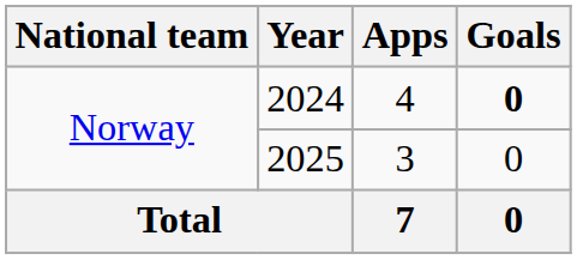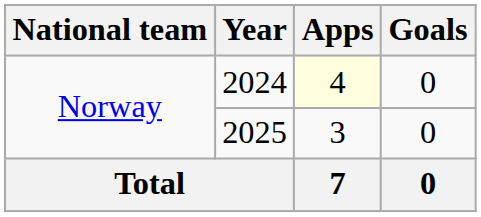 <table class="wikitable" style="text-align:center">
 <tr>
 <th>National team</th>
 <th>Year</th>
 <th>Apps</th>
 <th>Goals</th>
 </tr>
 <tr>
 <td rowspan="2"><a href='#'>Norway</a></td>
 <td>2024</td>
-<td>4</td>
-<td><strong>0</strong></td>
+<td style="background: lightyellow;">4</td>
+<td>0</td>
 </tr>
 <tr>
 <td>2025</td>
 <td>3</td>
 <td>0</td>
 </tr>
 <tr>
 <th colspan="2">Total</th>
 <th>7</th>
 <th>0</th>
 </tr>
 </table>
